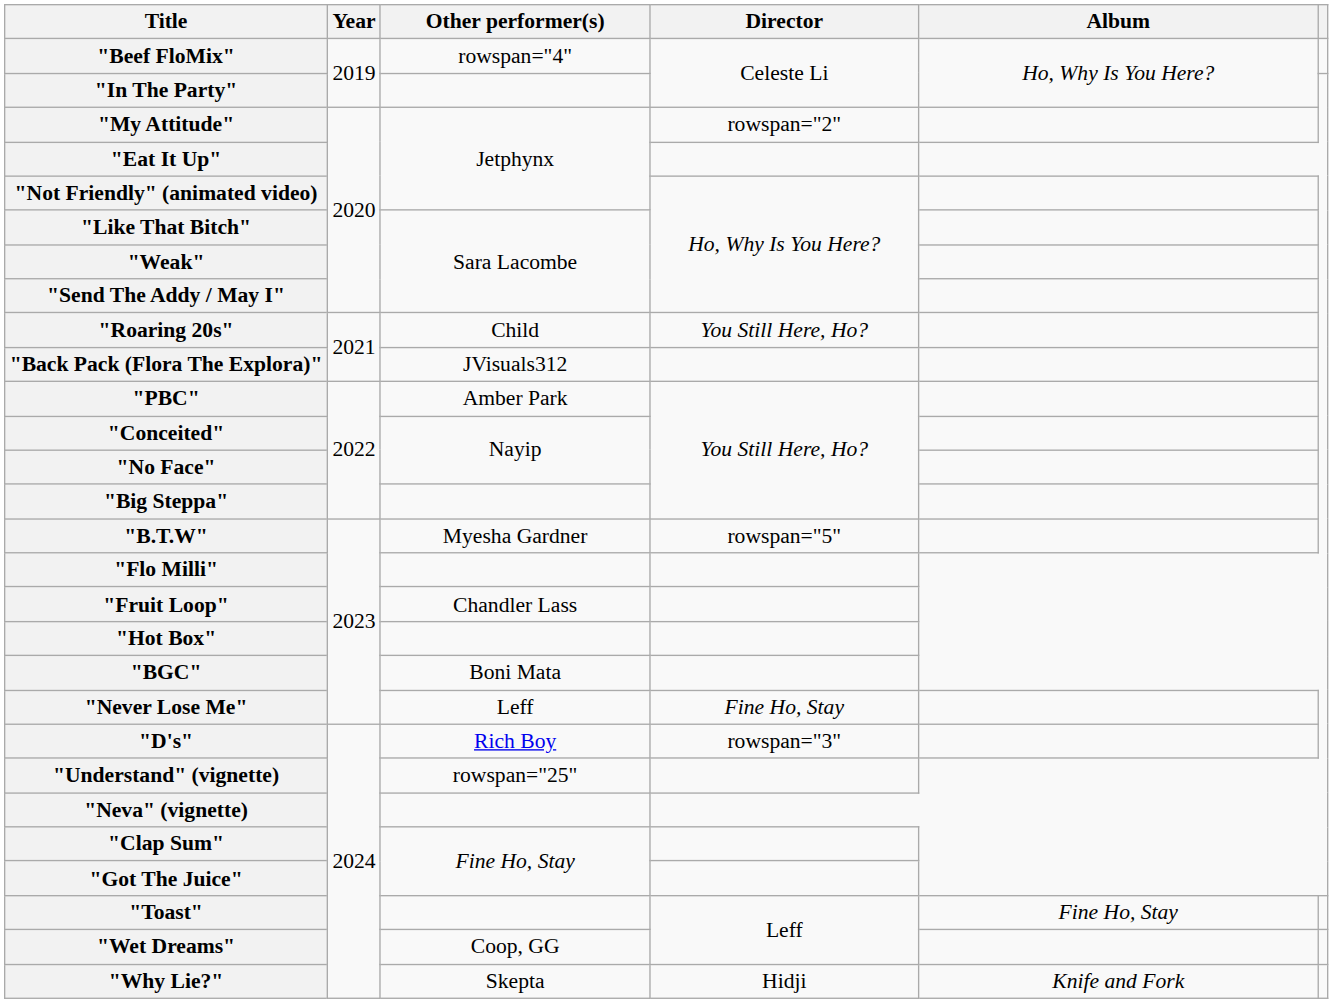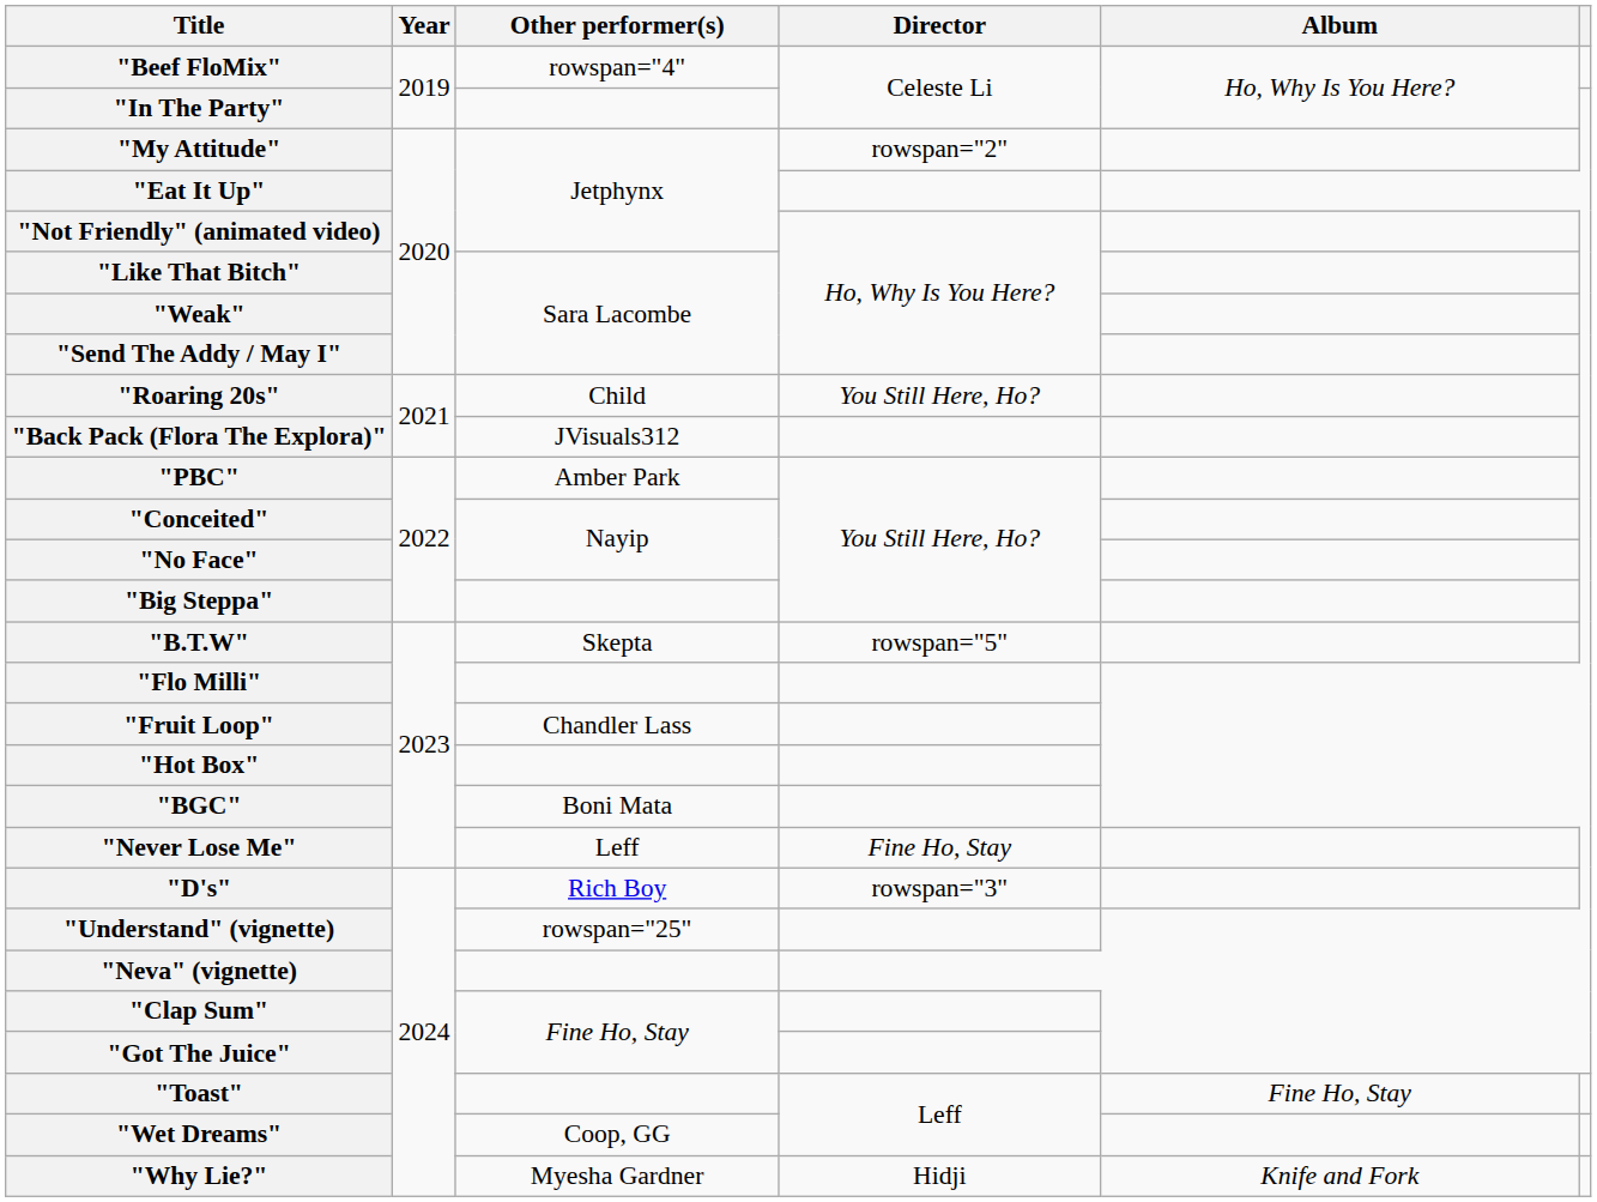 <table class="wikitable plainrowheaders" style="text-align: center;">
 <tr>
 <th scope="col">Title</th>
 <th scope="col">Year</th>
 <th style="width:12em;" scope="col">Other performer(s)</th>
 <th style="width:12em;" scope="col">Director</th>
 <th style="width:18em;" scope="col">Album</th>
 <th scope="col"></th>
 </tr>
 <tr>
 <th scope="row">"Beef FloMix"</th>
 <td rowspan="2">2019</td>
 <td>rowspan="4" </td>
 <td rowspan="2">Celeste Li</td>
 <td rowspan="2"><em>Ho, Why Is You Here?</em></td>
 <td></td>
 </tr>
 <tr>
 <th scope="row">"In The Party"</th>
 <td></td>
 </tr>
 <tr>
 <th scope="row">"My Attitude"</th>
 <td rowspan="6">2020</td>
 <td rowspan="3">Jetphynx</td>
 <td>rowspan="2" </td>
 <td></td>
 </tr>
 <tr>
 <th scope="row">"Eat It Up"</th>
 <td></td>
 </tr>
 <tr>
 <th scope="row">"Not Friendly" (animated video)</th>
 <td rowspan="4"><em>Ho, Why Is You Here?</em></td>
 <td></td>
 </tr>
 <tr>
 <th scope="row">"Like That Bitch"</th>
 <td rowspan="3">Sara Lacombe</td>
 <td></td>
 </tr>
 <tr>
 <th scope="row">"Weak"</th>
 <td></td>
 </tr>
 <tr>
 <th scope="row">"Send The Addy / May I"</th>
 <td></td>
 </tr>
 <tr>
 <th scope="row">"Roaring 20s"</th>
 <td rowspan="2">2021</td>
 <td>Child</td>
 <td><em>You Still Here, Ho?</em></td>
 <td></td>
 </tr>
 <tr>
 <th scope="row">"Back Pack (Flora The Explora)"</th>
 <td>JVisuals312</td>
 <td></td>
 <td></td>
 </tr>
 <tr>
 <th scope="row">"PBC"</th>
 <td rowspan="4">2022</td>
 <td>Amber Park</td>
 <td rowspan="4"><em>You Still Here, Ho?</em></td>
 <td></td>
 </tr>
 <tr>
 <th scope="row">"Conceited"</th>
 <td rowspan="2">Nayip</td>
 <td></td>
 </tr>
 <tr>
 <th scope="row">"No Face"</th>
 <td></td>
 </tr>
 <tr>
 <th scope="row">"Big Steppa"</th>
 <td></td>
 <td></td>
 </tr>
 <tr>
 <th scope="row">"B.T.W"</th>
 <td rowspan="6">2023</td>
-<td>Myesha Gardner</td>
+<td>Skepta</td>
 <td>rowspan="5" </td>
 <td></td>
 </tr>
 <tr>
 <th scope="row">"Flo Milli"</th>
 <td></td>
 <td></td>
 </tr>
 <tr>
 <th scope="row">"Fruit Loop"</th>
 <td>Chandler Lass</td>
 <td></td>
 </tr>
 <tr>
 <th scope="row">"Hot Box"</th>
 <td></td>
 <td></td>
 </tr>
 <tr>
 <th scope="row">"BGC"</th>
 <td>Boni Mata</td>
 <td></td>
 </tr>
 <tr>
 <th scope="row">"Never Lose Me"</th>
 <td>Leff</td>
 <td><em>Fine Ho, Stay</em></td>
 <td></td>
 </tr>
 <tr>
 <th scope="row">"D's"</th>
 <td rowspan="8">2024</td>
 <td><a href='#'>Rich Boy</a></td>
 <td>rowspan="3" </td>
 <td></td>
 </tr>
 <tr>
 <th scope="row">"Understand" (vignette)</th>
 <td>rowspan="25" </td>
 <td></td>
 </tr>
 <tr>
 <th scope="row">"Neva" (vignette)</th>
 <td></td>
 </tr>
 <tr>
 <th scope="row">"Clap Sum"</th>
 <td rowspan="2"><em>Fine Ho, Stay</em></td>
 <td></td>
 </tr>
 <tr>
 <th scope="row">"Got The Juice"</th>
 <td></td>
 </tr>
 <tr>
 <th scope="row">"Toast"</th>
 <td></td>
 <td rowspan="2">Leff</td>
 <td><em>Fine Ho, Stay</em></td>
 <td></td>
 </tr>
 <tr>
 <th scope="row">"Wet Dreams"</th>
 <td>Coop, GG</td>
 <td></td>
 <td></td>
 </tr>
 <tr>
 <th scope="row">"Why Lie?"</th>
-<td>Skepta</td>
+<td>Myesha Gardner</td>
 <td>Hidji</td>
 <td><em>Knife and Fork</em></td>
 <td></td>
 </tr>
 </table>
